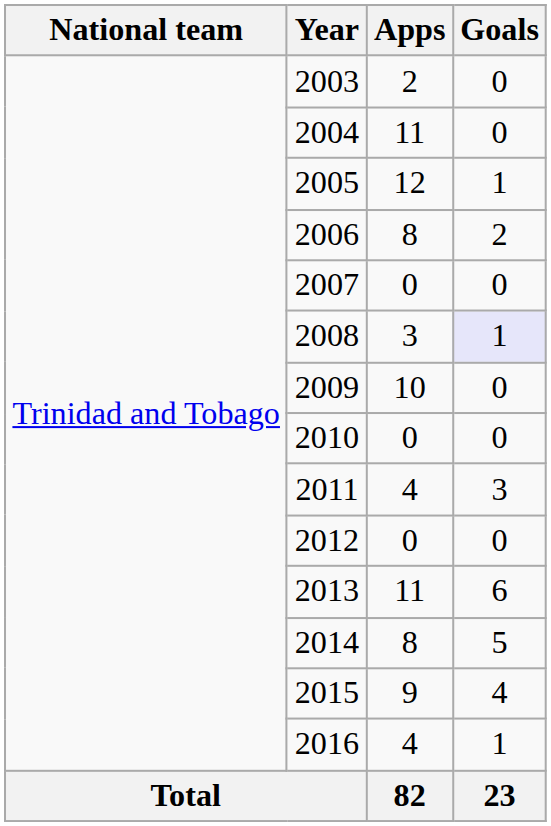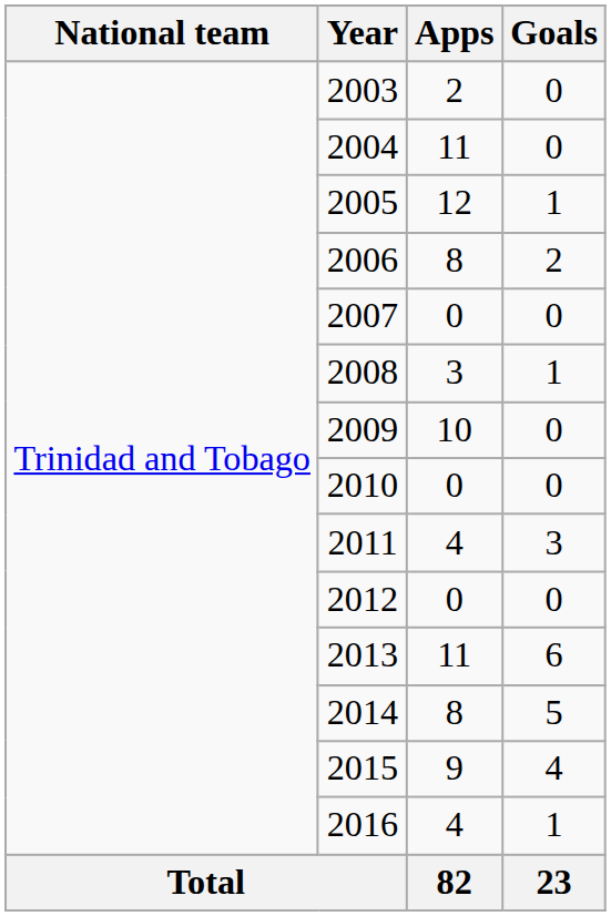 <table class="wikitable" style="text-align:center">
 <tr>
 <th>National team</th>
 <th>Year</th>
 <th>Apps</th>
 <th>Goals</th>
 </tr>
 <tr>
 <td rowspan="14"><a href='#'>Trinidad and Tobago</a></td>
 <td>2003</td>
 <td>2</td>
 <td>0</td>
 </tr>
 <tr>
 <td>2004</td>
 <td>11</td>
 <td>0</td>
 </tr>
 <tr>
 <td>2005</td>
 <td>12</td>
 <td>1</td>
 </tr>
 <tr>
 <td>2006</td>
 <td>8</td>
 <td>2</td>
 </tr>
 <tr>
 <td>2007</td>
 <td>0</td>
 <td>0</td>
 </tr>
 <tr>
 <td>2008</td>
 <td>3</td>
-<td style="background: lavender;">1</td>
+<td>1</td>
 </tr>
 <tr>
 <td>2009</td>
 <td>10</td>
 <td>0</td>
 </tr>
 <tr>
 <td>2010</td>
 <td>0</td>
 <td>0</td>
 </tr>
 <tr>
 <td>2011</td>
 <td>4</td>
 <td>3</td>
 </tr>
 <tr>
 <td>2012</td>
 <td>0</td>
 <td>0</td>
 </tr>
 <tr>
 <td>2013</td>
 <td>11</td>
 <td>6</td>
 </tr>
 <tr>
 <td>2014</td>
 <td>8</td>
 <td>5</td>
 </tr>
 <tr>
 <td>2015</td>
 <td>9</td>
 <td>4</td>
 </tr>
 <tr>
 <td>2016</td>
 <td>4</td>
 <td>1</td>
 </tr>
 <tr>
 <th colspan="2">Total</th>
 <th>82</th>
 <th>23</th>
 </tr>
 </table>
